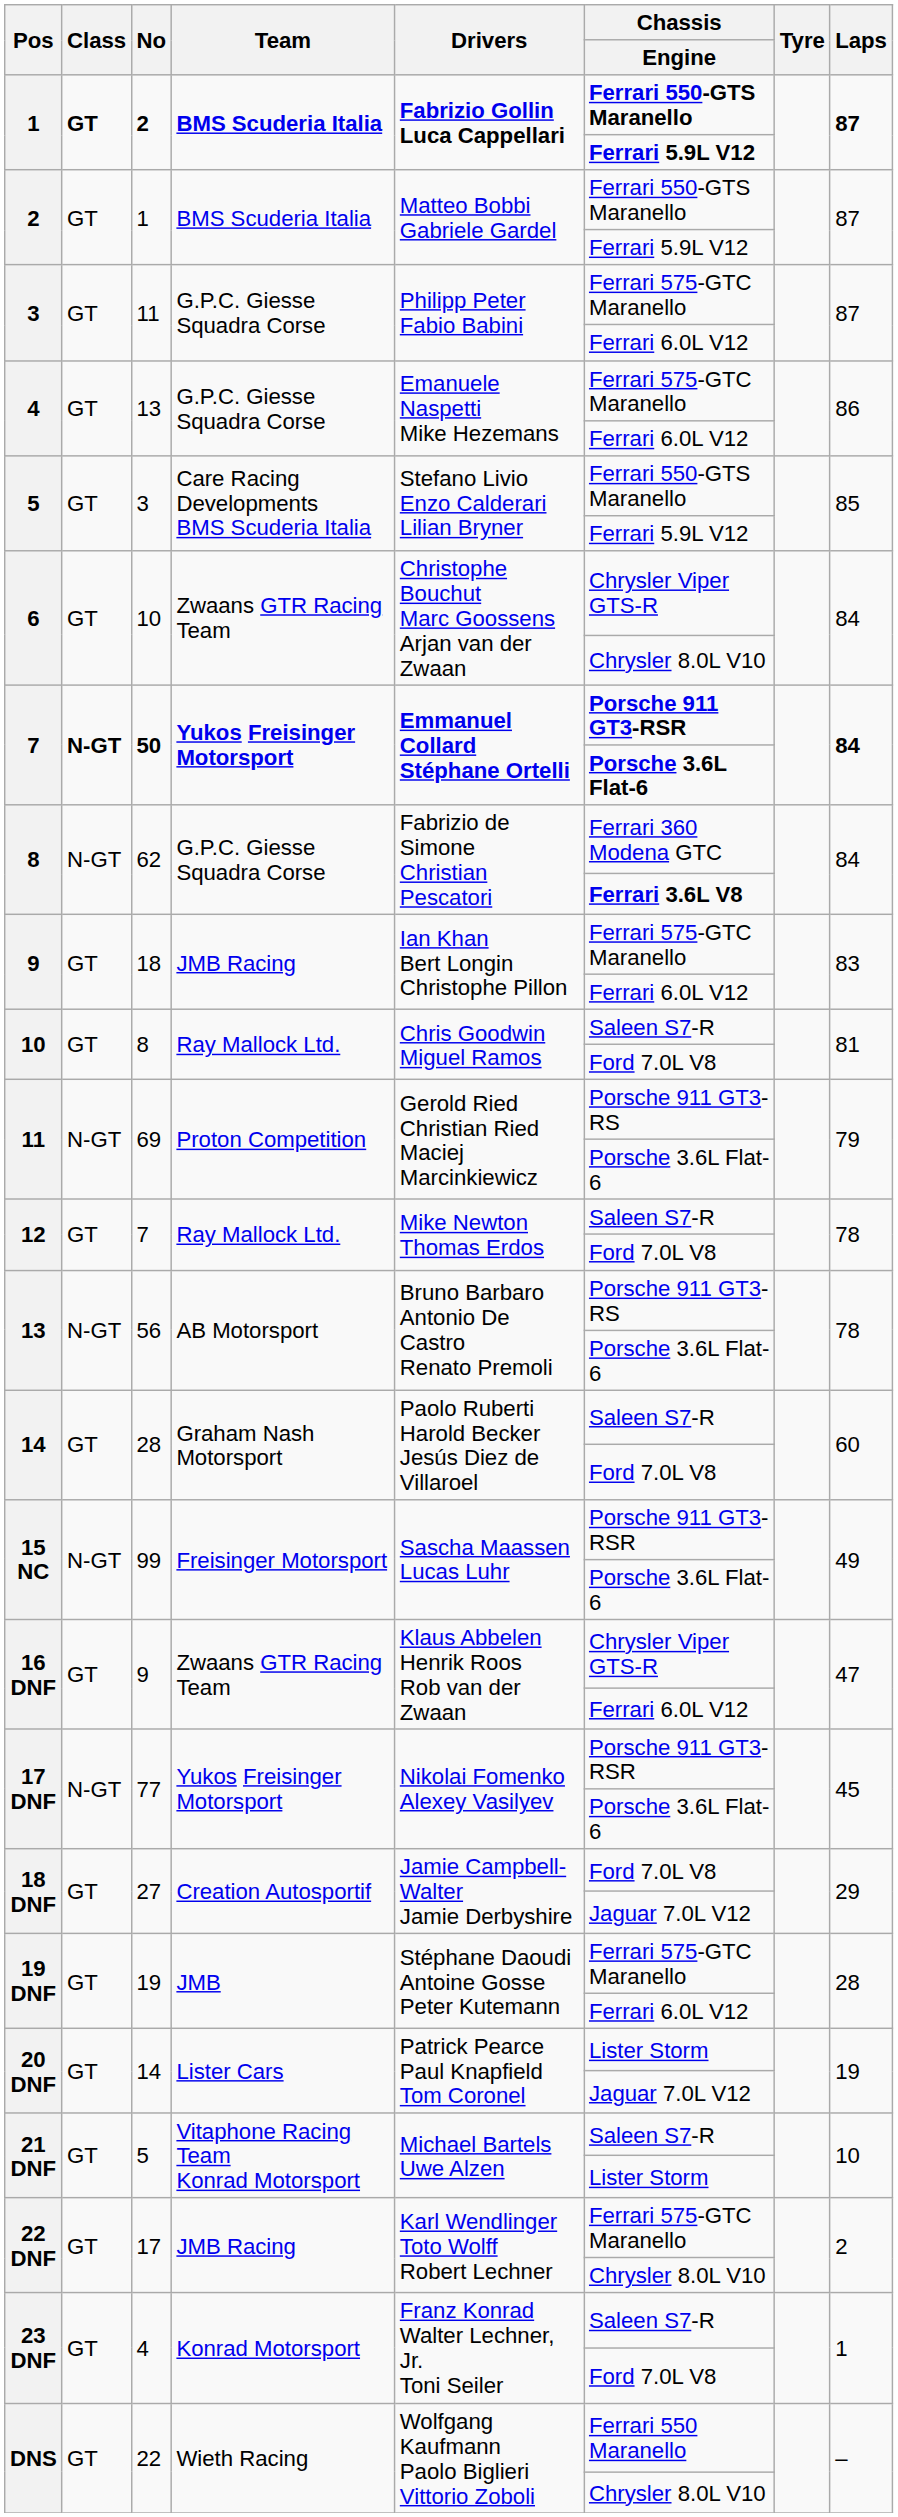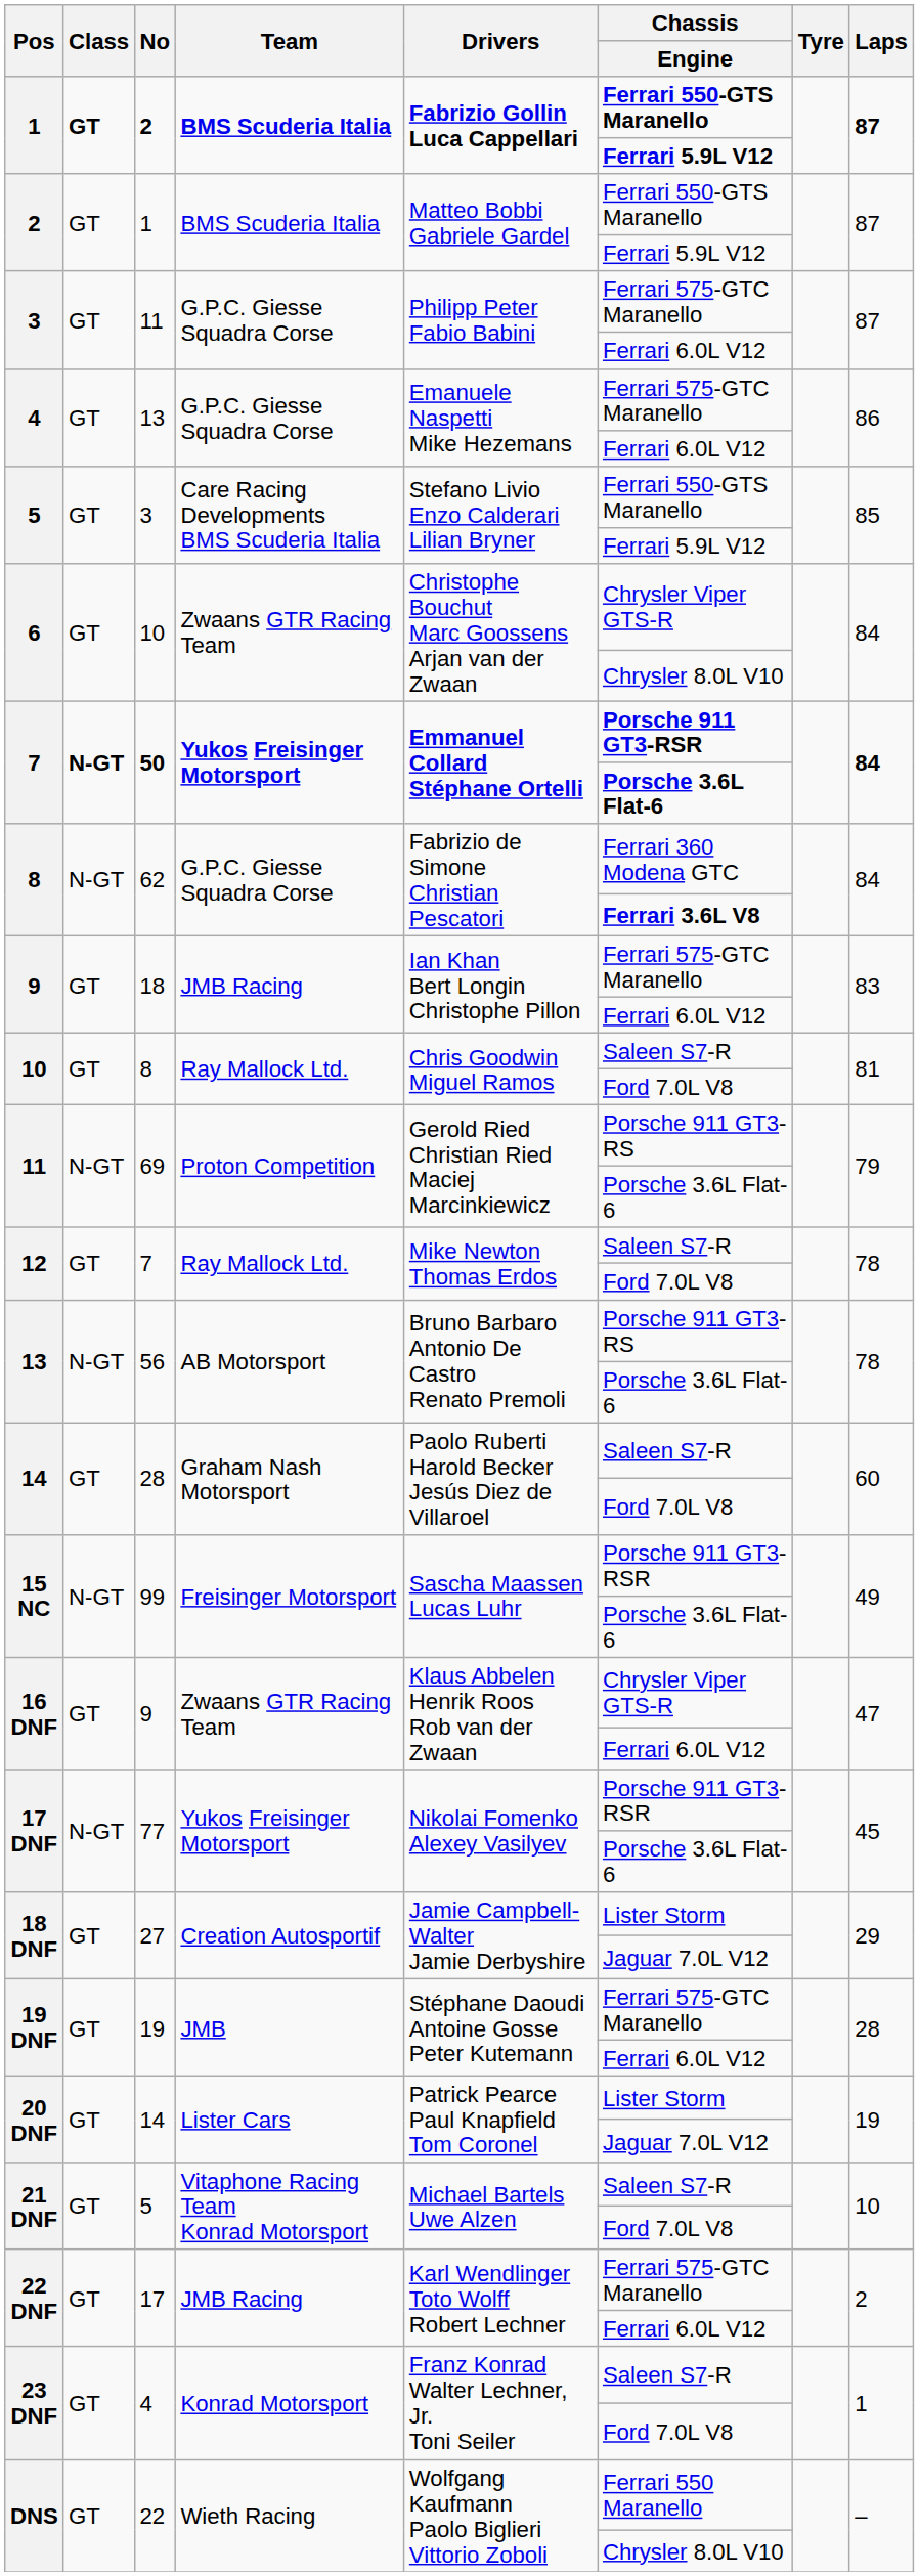 <table class="wikitable" style="font-size: 95%;">
 <tr>
 <th rowspan=2>Pos</th>
 <th rowspan=2>Class</th>
 <th rowspan=2>No</th>
 <th rowspan=2>Team</th>
 <th rowspan=2>Drivers</th>
 <th>Chassis</th>
 <th rowspan=2>Tyre</th>
 <th rowspan=2>Laps</th>
 </tr>
 <tr>
 <th>Engine</th>
 </tr>
 <tr style="font-weight:bold">
 <th rowspan=2>1</th>
 <td rowspan=2>GT</td>
 <td rowspan=2>2</td>
 <td rowspan=2> <a href='#'>BMS Scuderia Italia</a></td>
 <td rowspan=2> <a href='#'>Fabrizio Gollin</a><br> Luca Cappellari</td>
 <td><a href='#'>Ferrari 550</a>-GTS Maranello</td>
 <td rowspan=2></td>
 <td rowspan=2>87</td>
 </tr>
 <tr style="font-weight:bold">
 <td><a href='#'>Ferrari</a> 5.9L V12</td>
 </tr>
 <tr>
 <th rowspan=2>2</th>
 <td rowspan=2>GT</td>
 <td rowspan=2>1</td>
 <td rowspan=2> <a href='#'>BMS Scuderia Italia</a></td>
 <td rowspan=2> <a href='#'>Matteo Bobbi</a><br> <a href='#'>Gabriele Gardel</a></td>
 <td><a href='#'>Ferrari 550</a>-GTS Maranello</td>
 <td rowspan=2></td>
 <td rowspan=2>87</td>
 </tr>
 <tr>
 <td><a href='#'>Ferrari</a> 5.9L V12</td>
 </tr>
 <tr>
 <th rowspan=2>3</th>
 <td rowspan=2>GT</td>
 <td rowspan=2>11</td>
 <td rowspan=2> G.P.C. Giesse Squadra Corse</td>
 <td rowspan=2> <a href='#'>Philipp Peter</a><br> <a href='#'>Fabio Babini</a></td>
 <td><a href='#'>Ferrari 575</a>-GTC Maranello</td>
 <td rowspan=2></td>
 <td rowspan=2>87</td>
 </tr>
 <tr>
 <td><a href='#'>Ferrari</a> 6.0L V12</td>
 </tr>
 <tr>
 <th rowspan=2>4</th>
 <td rowspan=2>GT</td>
 <td rowspan=2>13</td>
 <td rowspan=2> G.P.C. Giesse Squadra Corse</td>
 <td rowspan=2> <a href='#'>Emanuele Naspetti</a><br> Mike Hezemans</td>
 <td><a href='#'>Ferrari 575</a>-GTC Maranello</td>
 <td rowspan=2></td>
 <td rowspan=2>86</td>
 </tr>
 <tr>
 <td><a href='#'>Ferrari</a> 6.0L V12</td>
 </tr>
 <tr>
 <th rowspan=2>5</th>
 <td rowspan=2>GT</td>
 <td rowspan=2>3</td>
 <td rowspan=2> Care Racing Developments<br> <a href='#'>BMS Scuderia Italia</a></td>
 <td rowspan=2> Stefano Livio<br> <a href='#'>Enzo Calderari</a><br> <a href='#'>Lilian Bryner</a></td>
 <td><a href='#'>Ferrari 550</a>-GTS Maranello</td>
 <td rowspan=2></td>
 <td rowspan=2>85</td>
 </tr>
 <tr>
 <td><a href='#'>Ferrari</a> 5.9L V12</td>
 </tr>
 <tr>
 <th rowspan=2>6</th>
 <td rowspan=2>GT</td>
 <td rowspan=2>10</td>
 <td rowspan=2> Zwaans <a href='#'>GTR Racing</a> Team</td>
 <td rowspan=2> <a href='#'>Christophe Bouchut</a><br> <a href='#'>Marc Goossens</a><br> Arjan van der Zwaan</td>
 <td><a href='#'>Chrysler Viper GTS-R</a></td>
 <td rowspan=2></td>
 <td rowspan=2>84</td>
 </tr>
 <tr>
 <td><a href='#'>Chrysler</a> 8.0L V10</td>
 </tr>
 <tr style="font-weight:bold">
 <th rowspan=2>7</th>
 <td rowspan=2>N-GT</td>
 <td rowspan=2>50</td>
 <td rowspan=2> <a href='#'>Yukos</a> <a href='#'>Freisinger Motorsport</a></td>
 <td rowspan=2> <a href='#'>Emmanuel Collard</a><br> <a href='#'>Stéphane Ortelli</a></td>
 <td><a href='#'>Porsche 911 GT3</a>-RSR</td>
 <td rowspan=2></td>
 <td rowspan=2>84</td>
 </tr>
 <tr style="font-weight:bold">
 <td><a href='#'>Porsche</a> 3.6L Flat-6</td>
 </tr>
 <tr>
 <th rowspan=2>8</th>
 <td rowspan=2>N-GT</td>
 <td rowspan=2>62</td>
 <td rowspan=2> G.P.C. Giesse Squadra Corse</td>
 <td rowspan=2> Fabrizio de Simone<br> <a href='#'>Christian Pescatori</a></td>
 <td><a href='#'>Ferrari 360 Modena</a> GTC</td>
 <td rowspan=2></td>
 <td rowspan=2>84</td>
 </tr>
 <tr>
 <td><strong><a href='#'>Ferrari</a> 3.6L V8</strong></td>
 </tr>
 <tr>
 <th rowspan=2>9</th>
 <td rowspan=2>GT</td>
 <td rowspan=2>18</td>
 <td rowspan=2> <a href='#'>JMB Racing</a></td>
 <td rowspan=2> <a href='#'>Ian Khan</a><br> Bert Longin<br> Christophe Pillon</td>
 <td><a href='#'>Ferrari 575</a>-GTC Maranello</td>
 <td rowspan=2></td>
 <td rowspan=2>83</td>
 </tr>
 <tr>
 <td><a href='#'>Ferrari</a> 6.0L V12</td>
 </tr>
 <tr>
 <th rowspan=2>10</th>
 <td rowspan=2>GT</td>
 <td rowspan=2>8</td>
 <td rowspan=2> <a href='#'>Ray Mallock Ltd.</a></td>
 <td rowspan=2> <a href='#'>Chris Goodwin</a><br> <a href='#'>Miguel Ramos</a></td>
 <td><a href='#'>Saleen S7</a>-R</td>
 <td rowspan=2></td>
 <td rowspan=2>81</td>
 </tr>
 <tr>
 <td><a href='#'>Ford</a> 7.0L V8</td>
 </tr>
 <tr>
 <th rowspan=2>11</th>
 <td rowspan=2>N-GT</td>
 <td rowspan=2>69</td>
 <td rowspan=2> <a href='#'>Proton Competition</a></td>
 <td rowspan=2> Gerold Ried<br> Christian Ried<br> Maciej Marcinkiewicz</td>
 <td><a href='#'>Porsche 911 GT3</a>-RS</td>
 <td rowspan=2></td>
 <td rowspan=2>79</td>
 </tr>
 <tr>
 <td><a href='#'>Porsche</a> 3.6L Flat-6</td>
 </tr>
 <tr>
 <th rowspan=2>12</th>
 <td rowspan=2>GT</td>
 <td rowspan=2>7</td>
 <td rowspan=2> <a href='#'>Ray Mallock Ltd.</a></td>
 <td rowspan=2> <a href='#'>Mike Newton</a><br> <a href='#'>Thomas Erdos</a></td>
 <td><a href='#'>Saleen S7</a>-R</td>
 <td rowspan=2></td>
 <td rowspan=2>78</td>
 </tr>
 <tr>
 <td><a href='#'>Ford</a> 7.0L V8</td>
 </tr>
 <tr>
 <th rowspan=2>13</th>
 <td rowspan=2>N-GT</td>
 <td rowspan=2>56</td>
 <td rowspan=2> AB Motorsport</td>
 <td rowspan=2> Bruno Barbaro<br> Antonio De Castro<br> Renato Premoli</td>
 <td><a href='#'>Porsche 911 GT3</a>-RS</td>
 <td rowspan=2></td>
 <td rowspan=2>78</td>
 </tr>
 <tr>
 <td><a href='#'>Porsche</a> 3.6L Flat-6</td>
 </tr>
 <tr>
 <th rowspan=2>14</th>
 <td rowspan=2>GT</td>
 <td rowspan=2>28</td>
 <td rowspan=2> Graham Nash Motorsport</td>
 <td rowspan=2> Paolo Ruberti<br> Harold Becker<br> Jesús Diez de Villaroel</td>
 <td><a href='#'>Saleen S7</a>-R</td>
 <td rowspan=2></td>
 <td rowspan=2>60</td>
 </tr>
 <tr>
 <td><a href='#'>Ford</a> 7.0L V8</td>
 </tr>
 <tr>
 <th rowspan=2>15<br>NC</th>
 <td rowspan=2>N-GT</td>
 <td rowspan=2>99</td>
 <td rowspan=2> <a href='#'>Freisinger Motorsport</a></td>
 <td rowspan=2> <a href='#'>Sascha Maassen</a><br> <a href='#'>Lucas Luhr</a></td>
 <td><a href='#'>Porsche 911 GT3</a>-RSR</td>
 <td rowspan=2></td>
 <td rowspan=2>49</td>
 </tr>
 <tr>
 <td><a href='#'>Porsche</a> 3.6L Flat-6</td>
 </tr>
 <tr>
 <th rowspan=2>16<br>DNF</th>
 <td rowspan=2>GT</td>
 <td rowspan=2>9</td>
 <td rowspan=2> Zwaans <a href='#'>GTR Racing</a> Team</td>
 <td rowspan=2> <a href='#'>Klaus Abbelen</a><br> Henrik Roos<br> Rob van der Zwaan</td>
 <td><a href='#'>Chrysler Viper GTS-R</a></td>
 <td rowspan=2></td>
 <td rowspan=2>47</td>
 </tr>
 <tr>
 <td><a href='#'>Ferrari</a> 6.0L V12</td>
 </tr>
 <tr>
 <th rowspan=2>17<br>DNF</th>
 <td rowspan=2>N-GT</td>
 <td rowspan=2>77</td>
 <td rowspan=2> <a href='#'>Yukos</a> <a href='#'>Freisinger Motorsport</a></td>
 <td rowspan=2> <a href='#'>Nikolai Fomenko</a><br> <a href='#'>Alexey Vasilyev</a></td>
 <td><a href='#'>Porsche 911 GT3</a>-RSR</td>
 <td rowspan=2></td>
 <td rowspan=2>45</td>
 </tr>
 <tr>
 <td><a href='#'>Porsche</a> 3.6L Flat-6</td>
 </tr>
 <tr>
 <th rowspan=2>18<br>DNF</th>
 <td rowspan=2>GT</td>
 <td rowspan=2>27</td>
 <td rowspan=2> <a href='#'>Creation Autosportif</a></td>
 <td rowspan=2> <a href='#'>Jamie Campbell-Walter</a><br> Jamie Derbyshire</td>
-<td><a href='#'>Ford</a> 7.0L V8</td>
+<td><a href='#'>Lister Storm</a></td>
 <td rowspan=2></td>
 <td rowspan=2>29</td>
 </tr>
 <tr>
 <td><a href='#'>Jaguar</a> 7.0L V12</td>
 </tr>
 <tr>
 <th rowspan=2>19<br>DNF</th>
 <td rowspan=2>GT</td>
 <td rowspan=2>19</td>
 <td rowspan=2> <a href='#'>JMB</a></td>
 <td rowspan=2> Stéphane Daoudi<br> Antoine Gosse<br> Peter Kutemann</td>
 <td><a href='#'>Ferrari 575</a>-GTC Maranello</td>
 <td rowspan=2></td>
 <td rowspan=2>28</td>
 </tr>
 <tr>
 <td><a href='#'>Ferrari</a> 6.0L V12</td>
 </tr>
 <tr>
 <th rowspan=2>20<br>DNF</th>
 <td rowspan=2>GT</td>
 <td rowspan=2>14</td>
 <td rowspan=2> <a href='#'>Lister Cars</a></td>
 <td rowspan=2> Patrick Pearce<br> Paul Knapfield<br> <a href='#'>Tom Coronel</a></td>
 <td><a href='#'>Lister Storm</a></td>
 <td rowspan=2></td>
 <td rowspan=2>19</td>
 </tr>
 <tr>
 <td><a href='#'>Jaguar</a> 7.0L V12</td>
 </tr>
 <tr>
 <th rowspan=2>21<br>DNF</th>
 <td rowspan=2>GT</td>
 <td rowspan=2>5</td>
 <td rowspan=2> <a href='#'>Vitaphone Racing Team</a><br> <a href='#'>Konrad Motorsport</a></td>
 <td rowspan=2> <a href='#'>Michael Bartels</a><br> <a href='#'>Uwe Alzen</a></td>
 <td><a href='#'>Saleen S7</a>-R</td>
 <td rowspan=2></td>
 <td rowspan=2>10</td>
 </tr>
 <tr>
-<td><a href='#'>Lister Storm</a></td>
+<td><a href='#'>Ford</a> 7.0L V8</td>
 </tr>
 <tr>
 <th rowspan=2>22<br>DNF</th>
 <td rowspan=2>GT</td>
 <td rowspan=2>17</td>
 <td rowspan=2> <a href='#'>JMB Racing</a></td>
 <td rowspan=2> <a href='#'>Karl Wendlinger</a><br> <a href='#'>Toto Wolff</a><br> Robert Lechner</td>
 <td><a href='#'>Ferrari 575</a>-GTC Maranello</td>
 <td rowspan=2></td>
 <td rowspan=2>2</td>
 </tr>
 <tr>
-<td><a href='#'>Chrysler</a> 8.0L V10</td>
+<td><a href='#'>Ferrari</a> 6.0L V12</td>
 </tr>
 <tr>
 <th rowspan=2>23<br>DNF</th>
 <td rowspan=2>GT</td>
 <td rowspan=2>4</td>
 <td rowspan=2> <a href='#'>Konrad Motorsport</a></td>
 <td rowspan=2> <a href='#'>Franz Konrad</a><br> Walter Lechner, Jr.<br> Toni Seiler</td>
 <td><a href='#'>Saleen S7</a>-R</td>
 <td rowspan=2></td>
 <td rowspan=2>1</td>
 </tr>
 <tr>
 <td><a href='#'>Ford</a> 7.0L V8</td>
 </tr>
 <tr>
 <th rowspan=2>DNS</th>
 <td rowspan=2>GT</td>
 <td rowspan=2>22</td>
 <td rowspan=2> Wieth Racing</td>
 <td rowspan=2> Wolfgang Kaufmann<br> Paolo Biglieri<br> <a href='#'>Vittorio Zoboli</a></td>
 <td><a href='#'>Ferrari 550 Maranello</a></td>
 <td rowspan=2></td>
 <td rowspan=2>–</td>
 </tr>
 <tr>
 <td><a href='#'>Chrysler</a> 8.0L V10</td>
 </tr>
 </table>
